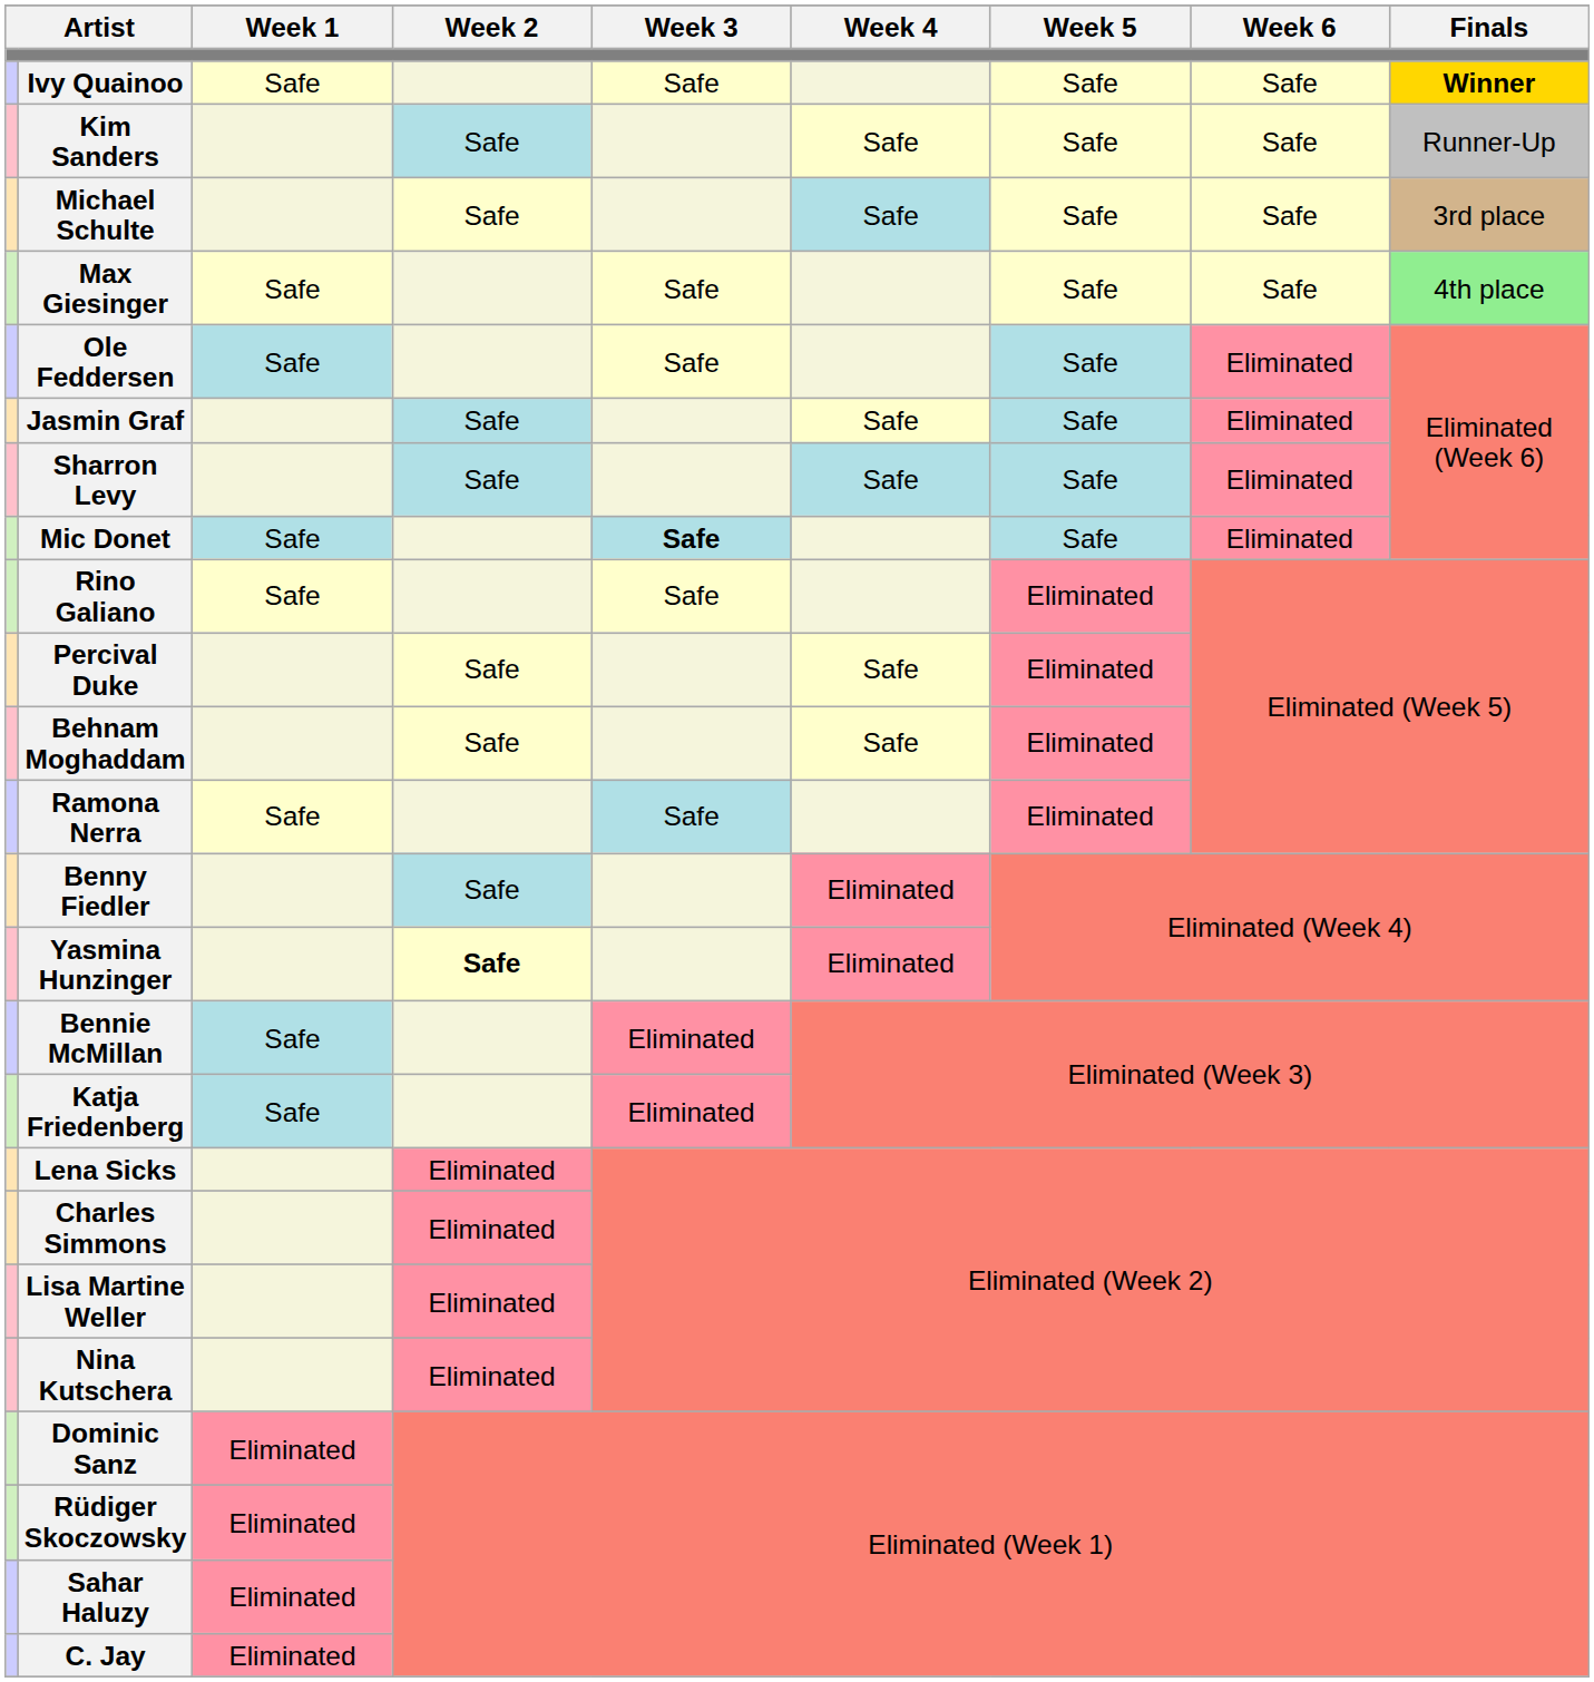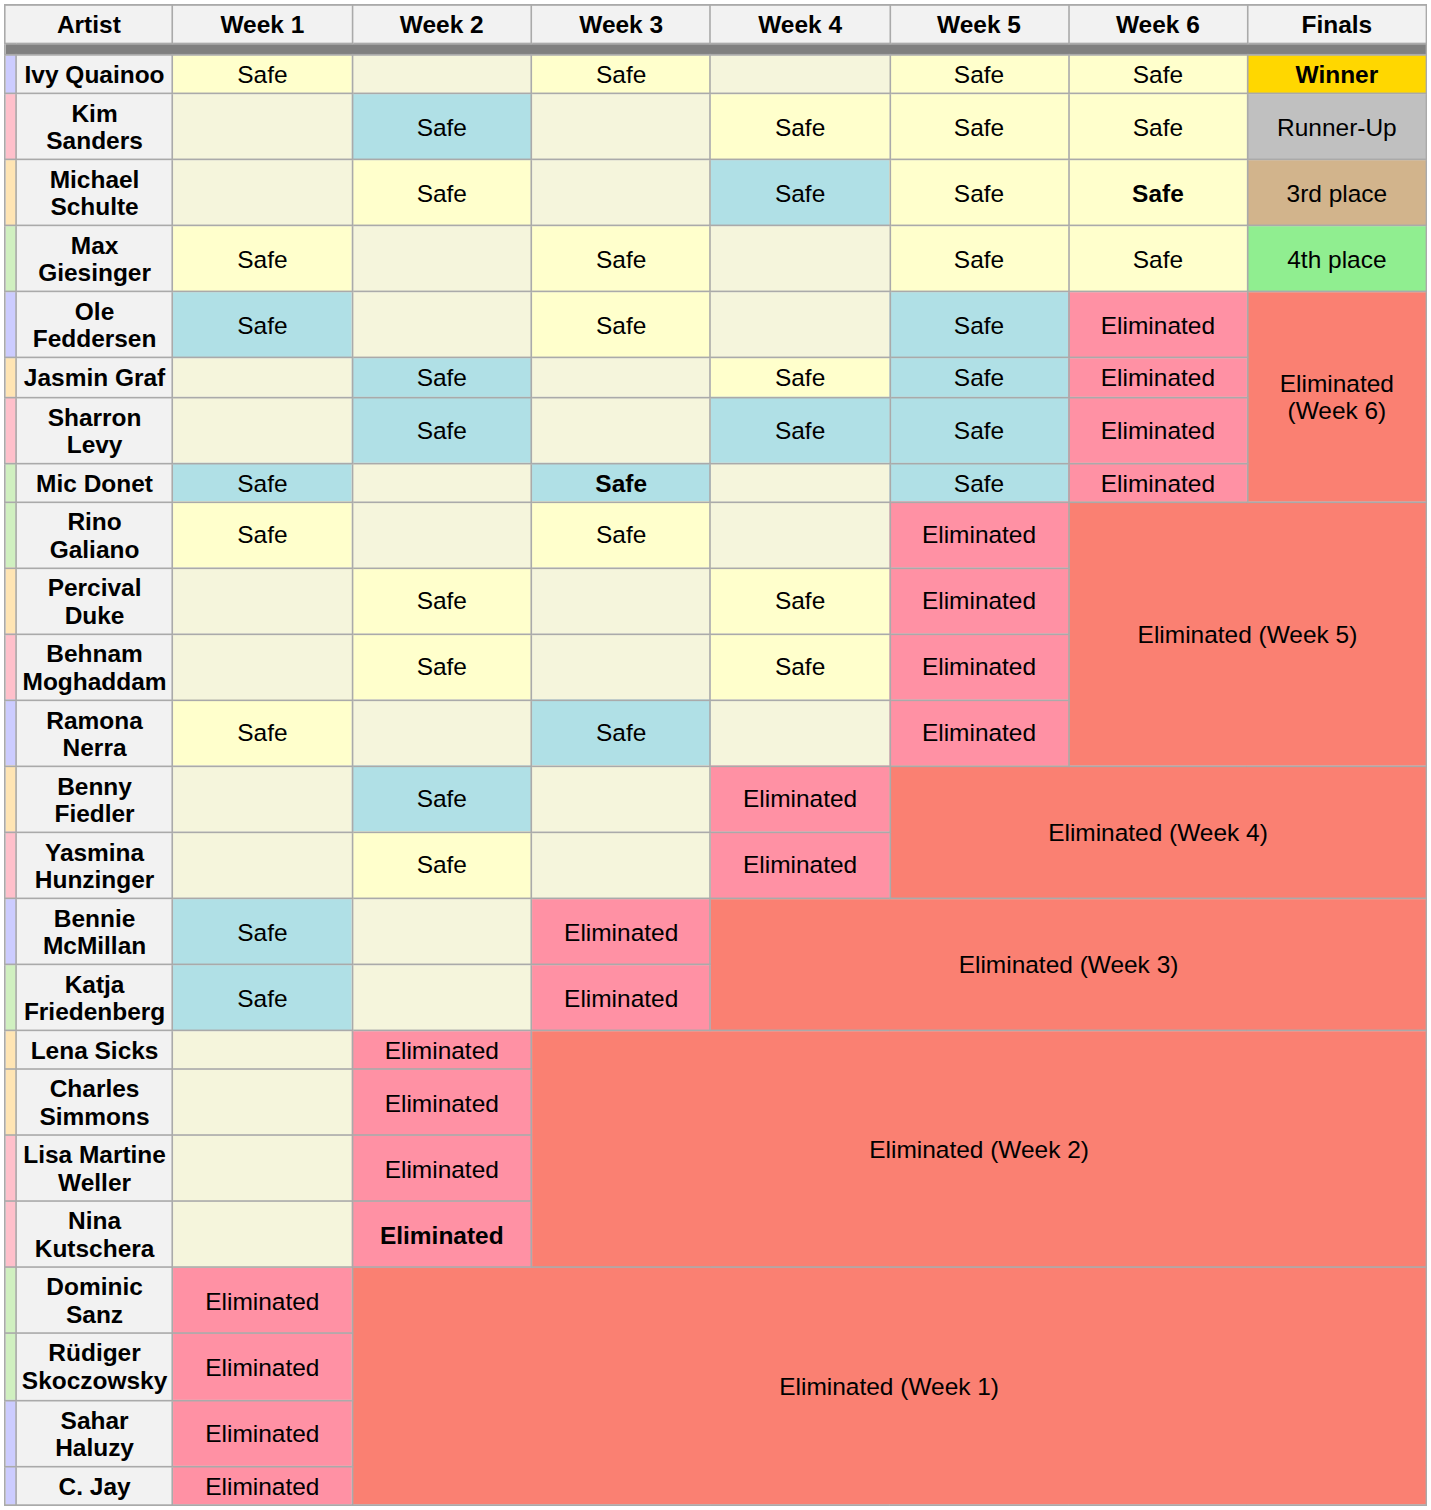 <table class="wikitable"  style="text-align:center; font-size:95%; width:100%;">
 <tr>
 </tr>
 <tr>
 <th colspan="2">Artist</th>
 <th style="width:13%;">Week 1</th>
 <th style="width:13%;">Week 2</th>
 <th style="width:13%;">Week 3</th>
 <th style="width:13%;">Week 4</th>
 <th style="width:13%;">Week 5</th>
 <th style="width:13%;">Week 6</th>
 <th style="width:13%;">Finals</th>
 </tr>
 <tr>
 <th colspan="9" style="background:gray;"></th>
 </tr>
 <tr>
 <th style="background:#ccf;"></th>
 <th>Ivy Quainoo</th>
 <td style="background:#ffc;">Safe</td>
 <td style="background:#F5F5DC;"></td>
 <td style="background:#ffc;">Safe</td>
 <td style="background:#F5F5DC;"></td>
 <td style="background:#ffc;">Safe</td>
 <td style="background:#ffc;">Safe</td>
 <td style="background:gold;"><strong>Winner</strong></td>
 </tr>
 <tr>
 <th style="background:pink;"></th>
 <th>Kim Sanders</th>
 <td style="background:#F5F5DC;"></td>
 <td style="background:#B0E0E6;">Safe</td>
 <td style="background:#F5F5DC;"></td>
 <td style="background:#ffc;">Safe</td>
 <td style="background:#ffc;">Safe</td>
 <td style="background:#ffc;">Safe</td>
 <td style="Background:silver;">Runner-Up</td>
 </tr>
 <tr>
 <th style="background:#ffe5b4;"></th>
 <th>Michael Schulte</th>
 <td style="background:#F5F5DC;"></td>
 <td style="background:#ffc;">Safe</td>
 <td style="background:#F5F5DC;"></td>
 <td style="background:#B0E0E6;">Safe</td>
 <td style="background:#ffc;">Safe</td>
-<td style="background:#ffc;">Safe</td>
+<td style="background:#ffc;"><strong>Safe</strong></td>
 <td style="background:tan;">3rd place</td>
 </tr>
 <tr>
 <th style="background:#d0f0c0;"></th>
 <th>Max Giesinger</th>
 <td style="background:#ffc;">Safe</td>
 <td style="background:#F5F5DC;"></td>
 <td style="background:#ffc;">Safe</td>
 <td style="background:#F5F5DC;"></td>
 <td style="background:#ffc;">Safe</td>
 <td style="background:#ffc;">Safe</td>
 <td style="background:lightgreen;">4th place</td>
 </tr>
 <tr>
 <th style="background:#ccf;"></th>
 <th>Ole Feddersen</th>
 <td style="background:#B0E0E6;">Safe</td>
 <td style="background:#F5F5DC;"></td>
 <td style="background:#ffc;">Safe</td>
 <td style="background:#F5F5DC;"></td>
 <td style="background:#B0E0E6;">Safe</td>
 <td style="background:#FF91A4;">Eliminated</td>
 <td rowspan="4" colspan="5" style="background:salmon;">Eliminated (Week 6)</td>
 </tr>
 <tr>
 <th style="background:#ffe5b4;"></th>
 <th>Jasmin Graf</th>
 <td style="background:#F5F5DC;"></td>
 <td style="background:#B0E0E6;">Safe</td>
 <td style="background:#F5F5DC;"></td>
 <td style="background:#ffc;">Safe</td>
 <td style="background:#B0E0E6;">Safe</td>
 <td style="background:#FF91A4;">Eliminated</td>
 </tr>
 <tr>
 <th style="background:pink;"></th>
 <th>Sharron Levy</th>
 <td style="background:#F5F5DC;"></td>
 <td style="background:#B0E0E6;">Safe</td>
 <td style="background:#F5F5DC;"></td>
 <td style="background:#B0E0E6;">Safe</td>
 <td style="background:#B0E0E6;">Safe</td>
 <td style="background:#FF91A4;">Eliminated</td>
 </tr>
 <tr>
 <th style="background:#d0f0c0;"></th>
 <th>Mic Donet</th>
 <td style="background:#B0E0E6;">Safe</td>
 <td style="background:#F5F5DC;"></td>
 <td style="background:#B0E0E6;"><strong>Safe</strong></td>
 <td style="background:#F5F5DC;"></td>
 <td style="background:#B0E0E6;">Safe</td>
 <td style="background:#FF91A4;">Eliminated</td>
 </tr>
 <tr>
 <th style="background:#d0f0c0;"></th>
 <th>Rino Galiano</th>
 <td style="background:#ffc;">Safe</td>
 <td style="background:#F5F5DC;"></td>
 <td style="background:#ffc;">Safe</td>
 <td style="background:#F5F5DC;"></td>
 <td style="background:#FF91A4;">Eliminated</td>
 <td rowspan="4" colspan="6" style="background:salmon;">Eliminated (Week 5)</td>
 </tr>
 <tr>
 <th style="background:#ffe5b4;"></th>
 <th>Percival Duke</th>
 <td style="background:#F5F5DC;"></td>
 <td style="background:#ffc;">Safe</td>
 <td style="background:#F5F5DC;"></td>
 <td style="background:#ffc;">Safe</td>
 <td style="background:#FF91A4;">Eliminated</td>
 </tr>
 <tr>
 <th style="background:pink;"></th>
 <th>Behnam Moghaddam</th>
 <td style="background:#F5F5DC;"></td>
 <td style="background:#ffc;">Safe</td>
 <td style="background:#F5F5DC;"></td>
 <td style="background:#ffc;">Safe</td>
 <td style="background:#FF91A4;">Eliminated</td>
 </tr>
 <tr>
 <th style="background:#ccf;"></th>
 <th>Ramona Nerra</th>
 <td style="background:#ffc;">Safe</td>
 <td style="background:#F5F5DC;"></td>
 <td style="background:#B0E0E6;">Safe</td>
 <td style="background:#F5F5DC;"></td>
 <td style="background:#FF91A4;">Eliminated</td>
 </tr>
 <tr>
 <th style="background:#ffe5b4;"></th>
 <th>Benny Fiedler</th>
 <td style="background:#F5F5DC;"></td>
 <td style="background:#B0E0E6;">Safe</td>
 <td style="background:#F5F5DC;"></td>
 <td style="background:#FF91A4;">Eliminated</td>
 <td rowspan="2" colspan="6" style="background:salmon;">Eliminated (Week 4)</td>
 </tr>
 <tr>
 <th style="background:pink;"></th>
 <th>Yasmina Hunzinger</th>
 <td style="background:#F5F5DC;"></td>
-<td style="background:#ffc;"><strong>Safe</strong></td>
+<td style="background:#ffc;">Safe</td>
 <td style="background:#F5F5DC;"></td>
 <td style="background:#FF91A4;">Eliminated</td>
 </tr>
 <tr>
 <th style="background:#ccf;"></th>
 <th>Bennie McMillan</th>
 <td style="background:#B0E0E6;">Safe</td>
 <td style="background:#F5F5DC;"></td>
 <td style="background:#FF91A4;">Eliminated</td>
 <td rowspan="2" colspan="6" style="background:salmon;">Eliminated (Week 3)</td>
 </tr>
 <tr>
 <th style="background:#d0f0c0;"></th>
 <th>Katja Friedenberg</th>
 <td style="background:#B0E0E6;">Safe</td>
 <td style="background:#F5F5DC;"></td>
 <td style="background:#FF91A4;">Eliminated</td>
 </tr>
 <tr>
 <th style="background:#ffe5b4;"></th>
 <th>Lena Sicks</th>
 <td style="background:#F5F5DC;"></td>
 <td style="background:#FF91A4;">Eliminated</td>
 <td rowspan="4" colspan="6" style="background:salmon;">Eliminated (Week 2)</td>
 </tr>
 <tr>
 <th style="background:#ffe5b4;"></th>
 <th>Charles Simmons</th>
 <td style="background:#F5F5DC;"></td>
 <td style="background:#FF91A4;">Eliminated</td>
 </tr>
 <tr>
 <th style="background:pink;"></th>
 <th>Lisa Martine Weller</th>
 <td style="background:#F5F5DC;"></td>
 <td style="background:#FF91A4;">Eliminated</td>
 </tr>
 <tr>
 <th style="background:pink;"></th>
 <th>Nina Kutschera</th>
 <td style="background:#F5F5DC;"></td>
-<td style="background:#FF91A4;">Eliminated</td>
+<td style="background:#FF91A4;"><strong>Eliminated</strong></td>
 </tr>
 <tr>
 <th style="background:#d0f0c0;"></th>
 <th>Dominic Sanz</th>
 <td style="background:#FF91A4;">Eliminated</td>
 <td rowspan="4" colspan="6" style="background:salmon;">Eliminated (Week 1)</td>
 </tr>
 <tr>
 <th style="background:#d0f0c0;"></th>
 <th>Rüdiger Skoczowsky</th>
 <td style="background:#FF91A4;">Eliminated</td>
 </tr>
 <tr>
 <th style="background:#ccf;"></th>
 <th>Sahar Haluzy</th>
 <td style="background:#FF91A4;">Eliminated</td>
 </tr>
 <tr>
 <th style="background:#ccf;"></th>
 <th>C. Jay</th>
 <td style="background:#FF91A4;">Eliminated</td>
 </tr>
 <tr>
 </tr>
 </table>
